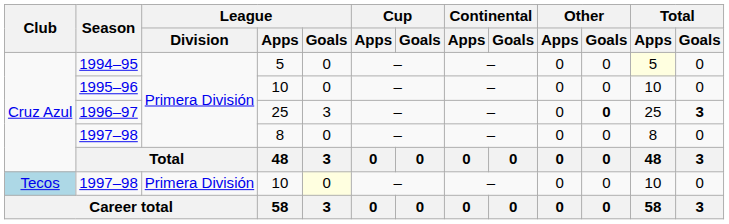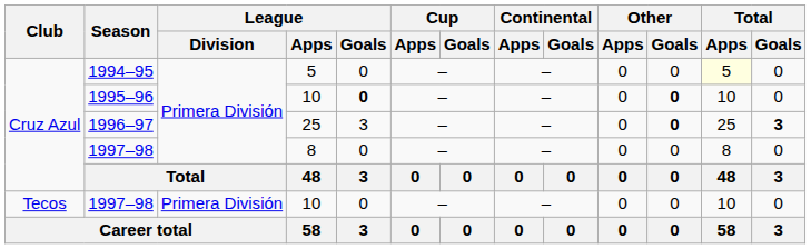 <table class="wikitable" style="text-align: center">
 <tr>
 <th rowspan="2">Club</th>
 <th rowspan="2">Season</th>
 <th colspan="3">League</th>
 <th colspan="2">Cup</th>
 <th colspan="2">Continental</th>
 <th colspan="2">Other</th>
 <th colspan="2">Total</th>
 </tr>
 <tr>
 <th>Division</th>
 <th>Apps</th>
 <th>Goals</th>
 <th>Apps</th>
 <th>Goals</th>
 <th>Apps</th>
 <th>Goals</th>
 <th>Apps</th>
 <th>Goals</th>
 <th>Apps</th>
 <th>Goals</th>
 </tr>
 <tr>
 <td rowspan="5"><a href='#'>Cruz Azul</a></td>
 <td><a href='#'>1994–95</a></td>
 <td rowspan="4"><a href='#'>Primera División</a></td>
 <td>5</td>
 <td>0</td>
 <td colspan="2">–</td>
 <td colspan="2">–</td>
 <td>0</td>
 <td>0</td>
 <td style="background: lightyellow;">5</td>
 <td>0</td>
 </tr>
 <tr>
 <td><a href='#'>1995–96</a></td>
 <td>10</td>
-<td>0</td>
+<td><strong>0</strong></td>
 <td colspan="2">–</td>
 <td colspan="2">–</td>
 <td>0</td>
-<td>0</td>
+<td><strong>0</strong></td>
 <td>10</td>
 <td>0</td>
 </tr>
 <tr>
 <td><a href='#'>1996–97</a></td>
 <td>25</td>
 <td>3</td>
 <td colspan="2">–</td>
 <td colspan="2">–</td>
 <td>0</td>
 <td><strong>0</strong></td>
 <td>25</td>
 <td><strong>3</strong></td>
 </tr>
 <tr>
 <td><a href='#'>1997–98</a></td>
 <td>8</td>
 <td>0</td>
 <td colspan="2">–</td>
 <td colspan="2">–</td>
 <td>0</td>
 <td>0</td>
 <td>8</td>
 <td>0</td>
 </tr>
 <tr>
 <th colspan="2"><strong>Total</strong></th>
 <th>48</th>
 <th>3</th>
 <th>0</th>
 <th>0</th>
 <th>0</th>
 <th>0</th>
 <th>0</th>
 <th>0</th>
 <th>48</th>
 <th>3</th>
 </tr>
 <tr>
-<td style="background: lightblue;"><a href='#'>Tecos</a></td>
+<td><a href='#'>Tecos</a></td>
 <td><a href='#'>1997–98</a></td>
 <td><a href='#'>Primera División</a></td>
 <td>10</td>
-<td style="background: lightyellow;">0</td>
+<td>0</td>
 <td colspan="2">–</td>
 <td colspan="2">–</td>
 <td>0</td>
 <td>0</td>
 <td>10</td>
 <td>0</td>
 </tr>
 <tr>
 <th colspan="3"><strong>Career total</strong></th>
 <th>58</th>
 <th>3</th>
 <th>0</th>
 <th>0</th>
 <th>0</th>
 <th>0</th>
 <th>0</th>
 <th>0</th>
 <th>58</th>
 <th>3</th>
 </tr>
 </table>
